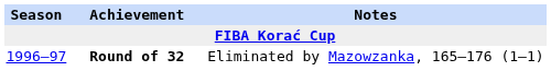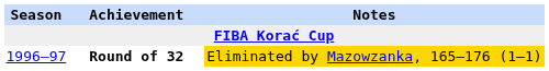 <table class="toccolours" border="0" cellpadding="2" cellspacing="0" align="left" style="margin:0.5em;">
 <tr bgcolor=#CADCFB>
 <th>Season</th>
 <th style="width:120px;">Achievement</th>
 <th>Notes</th>
 </tr>
 <tr>
 <th colspan="4" bgcolor=#EFEFEF><a href='#'>FIBA Korać Cup</a></th>
 </tr>
 <tr>
 <td align="center"><a href='#'>1996–97</a></td>
 <td align="center"><strong>Round of 32</strong></td>
-<td align="left">Eliminated by <a href='#'>Mazowzanka</a>, 165–176 (1–1)</td>
+<td align="left" style="background: gold;">Eliminated by <a href='#'>Mazowzanka</a>, 165–176 (1–1)</td>
 </tr>
 <tr>
 </tr>
 </table>
